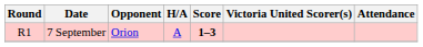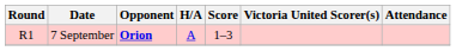 <table class="wikitable" style="text-align:center">
 <tr>
 <th>Round</th>
 <th>Date</th>
 <th>Opponent</th>
 <th>H/A</th>
 <th>Score</th>
 <th>Victoria United Scorer(s)</th>
 <th>Attendance</th>
 </tr>
 <tr bgcolor=#FFCCCC>
 <td>R1</td>
 <td align=left>7 September</td>
-<td align=left><a href='#'>Orion</a></td>
+<td align=left><strong><a href='#'>Orion</a></strong></td>
 <td><a href='#'>A</a></td>
-<td><strong>1–3</strong></td>
+<td>1–3</td>
 <td align=left></td>
 <td></td>
 </tr>
 <tr>
 </tr>
 </table>
